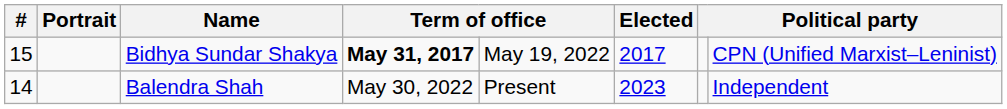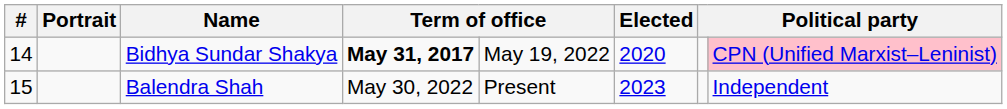 <table class="wikitable">
 <tr>
 <th>#</th>
 <th>Portrait</th>
 <th>Name</th>
 <th colspan="2">Term of office</th>
 <th>Elected</th>
 <th colspan="2">Political party</th>
 </tr>
 <tr>
-<td>15</td>
+<td>14</td>
 <td></td>
 <td><a href='#'>Bidhya Sundar Shakya</a></td>
 <td><strong>May 31, 2017</strong></td>
 <td>May 19, 2022</td>
-<td><a href='#'>2017</a></td>
+<td><a href='#'>2020</a></td>
 <td></td>
-<td><a href='#'>CPN (Unified Marxist–Leninist)</a></td>
+<td style="background: pink;"><a href='#'>CPN (Unified Marxist–Leninist)</a></td>
 </tr>
 <tr>
-<td>14</td>
+<td>15</td>
 <td></td>
 <td><a href='#'>Balendra Shah</a></td>
 <td>May 30, 2022</td>
 <td>Present</td>
 <td><a href='#'>2023</a></td>
 <td></td>
 <td><a href='#'>Independent</a></td>
 </tr>
 </table>
